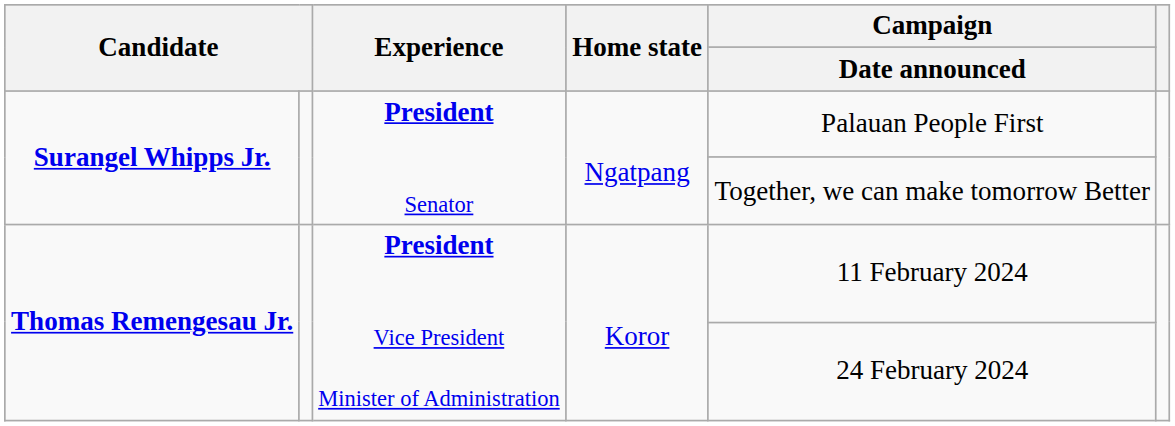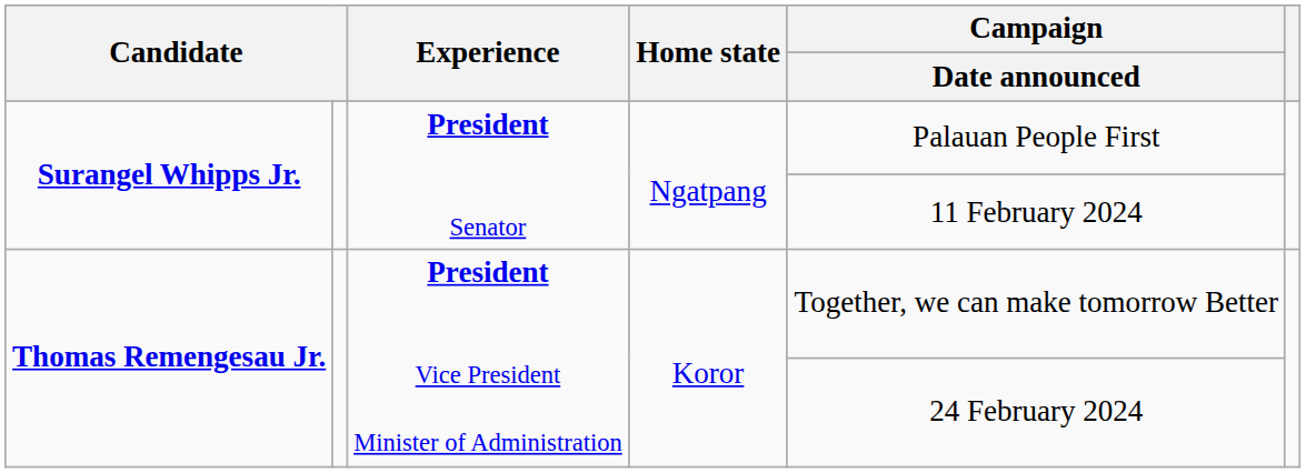 <table class="wikitable" style="text-align:center;">
 <tr>
 <th rowspan="2" colspan="2" style="text-align:210px;">Candidate</th>
 <th rowspan="2" style="text-align:150px;">Experience</th>
 <th rowspan="2" style="text-align:110px;">Home state</th>
 <th style="text-align:130px;">Campaign</th>
 <th rowspan="2" style="text-align:50px;"></th>
 </tr>
 <tr>
 <th>Date announced</th>
 </tr>
 <tr>
 <td rowspan="2"> <strong><a href='#'>Surangel Whipps Jr.</a></strong><br></td>
 <td rowspan="2" style="background:"></td>
 <td rowspan="2"><strong><a href='#'>President</a></strong><br><br><small><strong></strong></small><br><small><a href='#'>Senator</a><br></small></td>
 <td rowspan="2"><br><a href='#'>Ngatpang</a></td>
 <td>Palauan People First</td>
 <td rowspan="2"><br><br></td>
 </tr>
 <tr>
-<td>Together, we can make tomorrow Better</td>
+<td>11 February 2024</td>
 </tr>
 <tr>
 <td rowspan="2"> <strong><a href='#'>Thomas Remengesau Jr.</a></strong><br></td>
 <td rowspan="2" style="background:"></td>
 <td rowspan="2"><strong><a href='#'>President</a></strong><br><br><small><strong></strong></small><br><small><a href='#'>Vice President</a><br></small><br><small><a href='#'>Minister of Administration</a><br></small></td>
 <td rowspan="2"><br><a href='#'>Koror</a></td>
-<td>11 February 2024</td>
+<td>Together, we can make tomorrow Better</td>
 <td rowspan="2"><br><br><br><br></td>
 </tr>
 <tr>
 <td>24 February 2024</td>
 </tr>
 </table>
